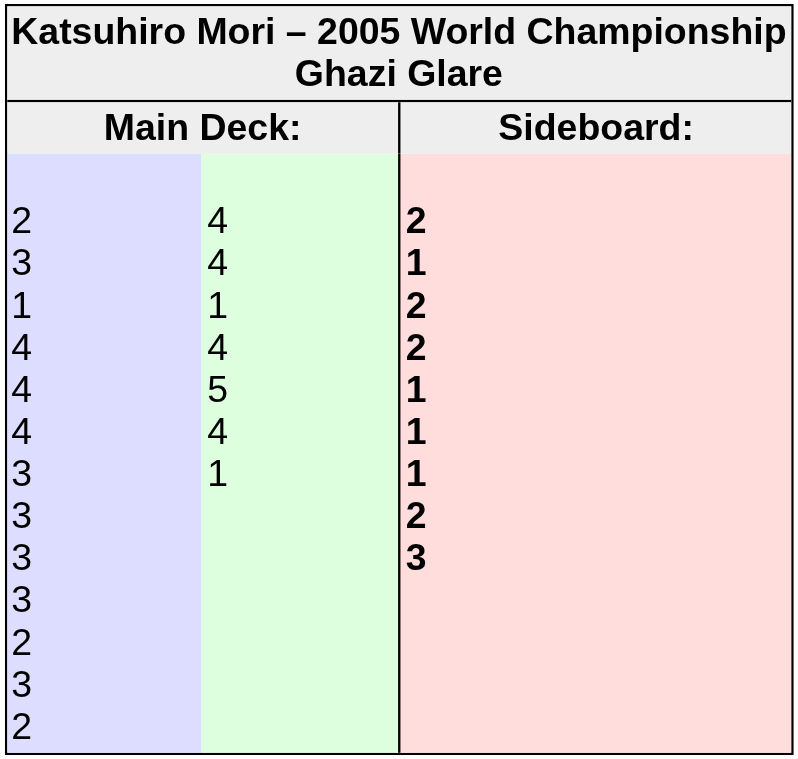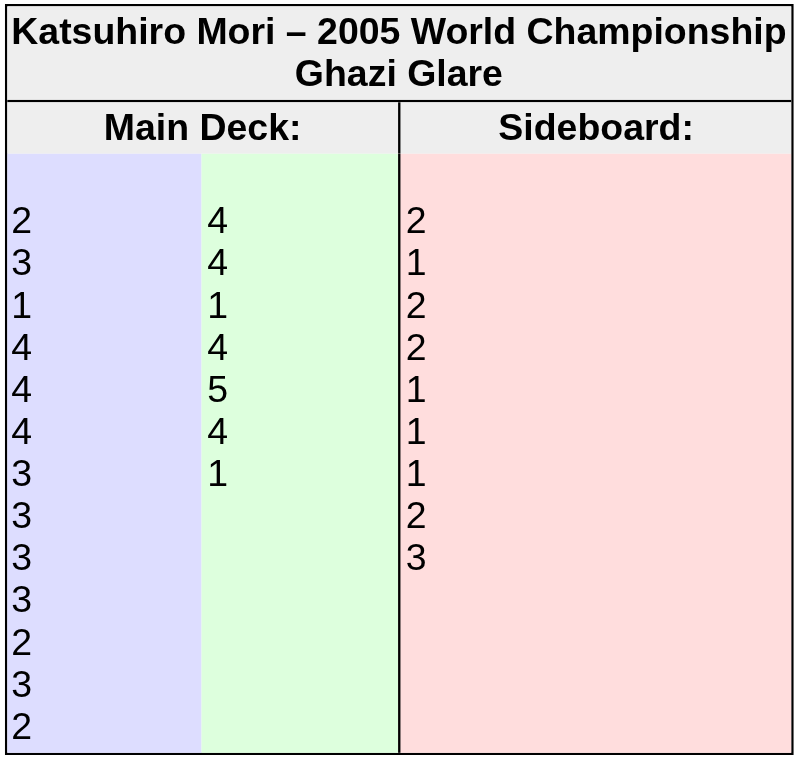 <table align="right" border="0" cellspacing="0" cellpadding="2" style="border: 1px solid black; margin-left: 1ex;">
 <tr>
 <th colspan="3" style="background-color: #eee; border-bottom: 1px solid black;">Katsuhiro Mori – 2005 World Championship<br> Ghazi Glare</th>
 </tr>
 <tr style="background-color: #eee;">
 <th colspan="2">Main Deck:</th>
 <th style="border-left: 1px solid black;">Sideboard:</th>
 </tr>
 <tr valign="top">
 <td style="background-color: #ddf;"><br>2 <br> 3 <br> 1 <br> 4 <br> 4 <br> 4 <br> 3 <br> 3 <br>3 <br> 3 <br> 2 <br> 3 <br> 2 <br></td>
 <td style="background-color: #dfd;"><br>4 <br> 4 <br> 1 <br> 4 <br> 5 <br> 4 <br> 1 <br></td>
-<td style="background-color: #fdd; border-left: 1px solid black;"><strong><br>2 <br> 1 <br> 2 <br> 2 <br> 1 <br> 1 <br> 1 <br> 2 <br> 3 <br></strong></td>
+<td style="background-color: #fdd; border-left: 1px solid black;"><br>2 <br> 1 <br> 2 <br> 2 <br> 1 <br> 1 <br> 1 <br> 2 <br> 3 <br></td>
 </tr>
 </table>
